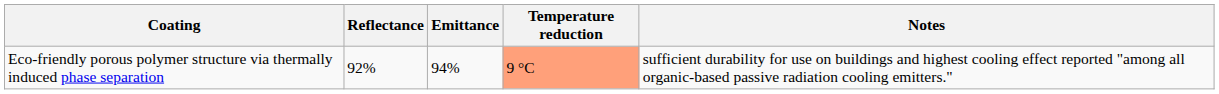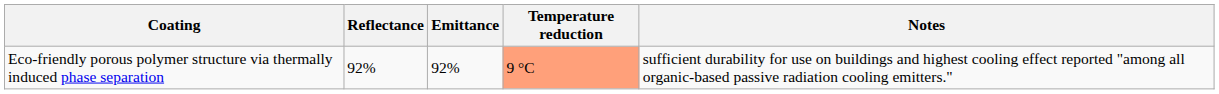 <table class="wikitable">
 <tr>
 <th>Coating</th>
 <th>Reflectance</th>
 <th>Emittance</th>
 <th>Temperature reduction</th>
 <th>Notes</th>
 </tr>
 <tr>
 <td>Eco-friendly porous polymer structure via thermally induced <a href='#'>phase separation</a></td>
 <td>92%</td>
-<td>94%</td>
+<td>92%</td>
 <td style="background: lightsalmon;">9 °C</td>
 <td>sufficient durability for use on buildings and highest cooling effect reported "among all organic-based passive radiation cooling emitters."</td>
 </tr>
 </table>
